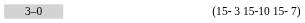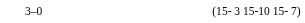 <table>
 <tr>
 <th width=200></th>
 <th width=200></th>
 <th width=80></th>
 <th width=200></th>
 <th width=220></th>
 </tr>
 <tr>
 <td align=right></td>
 <td align=right><strong></strong></td>
-<td align=center style="background: lightgrey;">3–0</td>
+<td align=center>3–0</td>
 <td></td>
 <td>(15- 3 15-10 15- 7)</td>
 </tr>
 </table>
